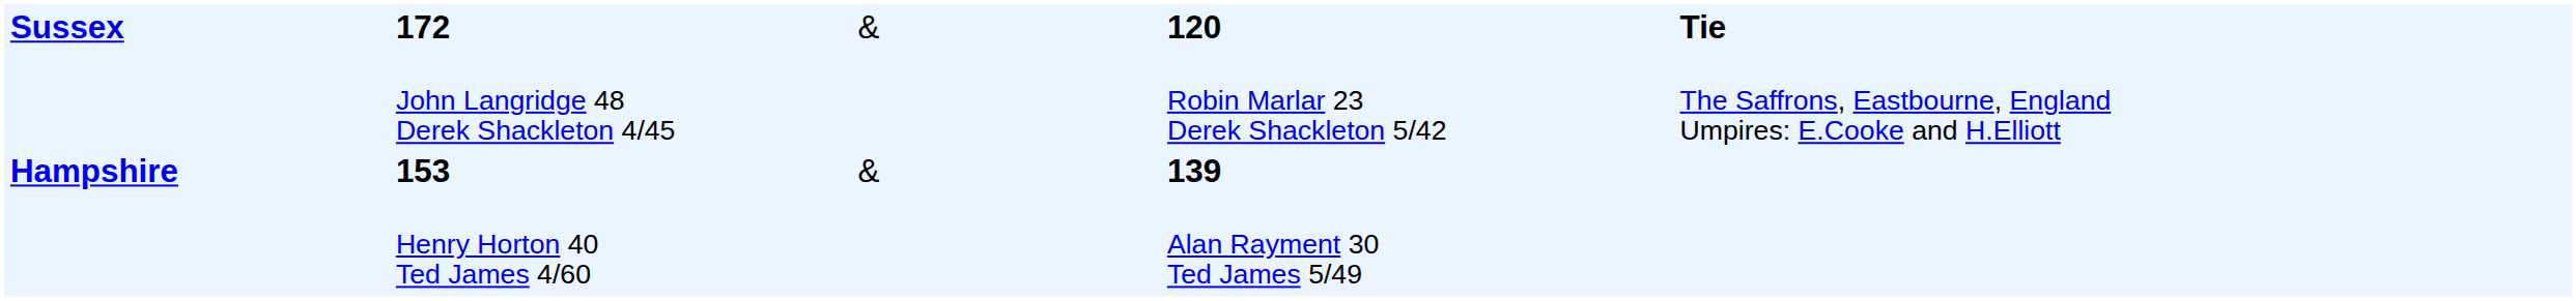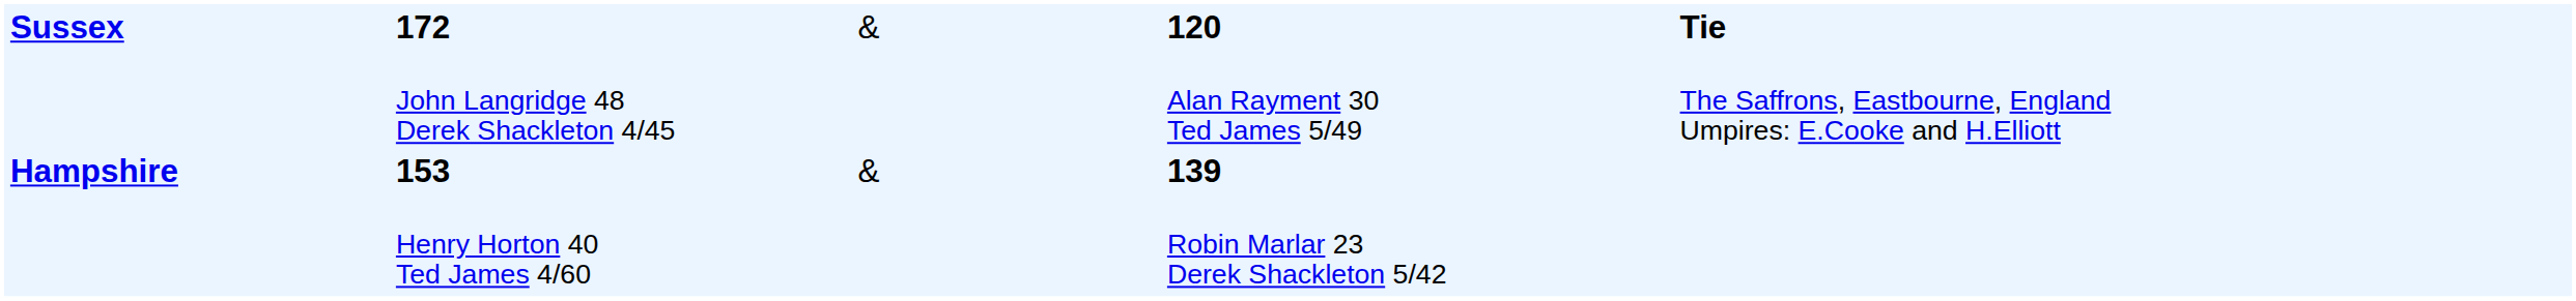 <table width="100%" style="background: #EBF5FF">
 <tr>
 <td width="15%" valign="top" rowspan="2"><strong><a href='#'>Sussex</a></strong></td>
 <td width="18%"><strong>172</strong></td>
 <td width="12%">&</td>
 <td width="20%"><strong>120</strong></td>
 <td width="35%"><strong>Tie</strong></td>
 </tr>
 <tr>
 <td style="font-size: 85%;" valign="top"><br><a href='#'>John Langridge</a> 48<br> <a href='#'>Derek Shackleton</a> 4/45</td>
 <td></td>
-<td style="font-size: 85%;"><br><a href='#'>Robin Marlar</a> 23<br> <a href='#'>Derek Shackleton</a> 5/42</td>
+<td valign="top" style="font-size: 85%;"><br><a href='#'>Alan Rayment</a> 30<br> <a href='#'>Ted James</a> 5/49</td>
 <td valign="top" style="font-size: 85%;" rowspan="3"><br><a href='#'>The Saffrons</a>, <a href='#'>Eastbourne</a>, <a href='#'>England</a><br> Umpires: <a href='#'>E.Cooke</a> and <a href='#'>H.Elliott</a></td>
 </tr>
 <tr>
 <td valign="top" rowspan="2"><strong><a href='#'>Hampshire</a></strong></td>
 <td><strong>153</strong></td>
 <td>&</td>
 <td><strong>139</strong></td>
 </tr>
 <tr>
 <td style="font-size: 85%;"><br><a href='#'>Henry Horton</a> 40<br> <a href='#'>Ted James</a> 4/60</td>
 <td></td>
-<td valign="top" style="font-size: 85%;"><br><a href='#'>Alan Rayment</a> 30<br> <a href='#'>Ted James</a> 5/49</td>
+<td style="font-size: 85%;"><br><a href='#'>Robin Marlar</a> 23<br> <a href='#'>Derek Shackleton</a> 5/42</td>
 </tr>
 </table>
